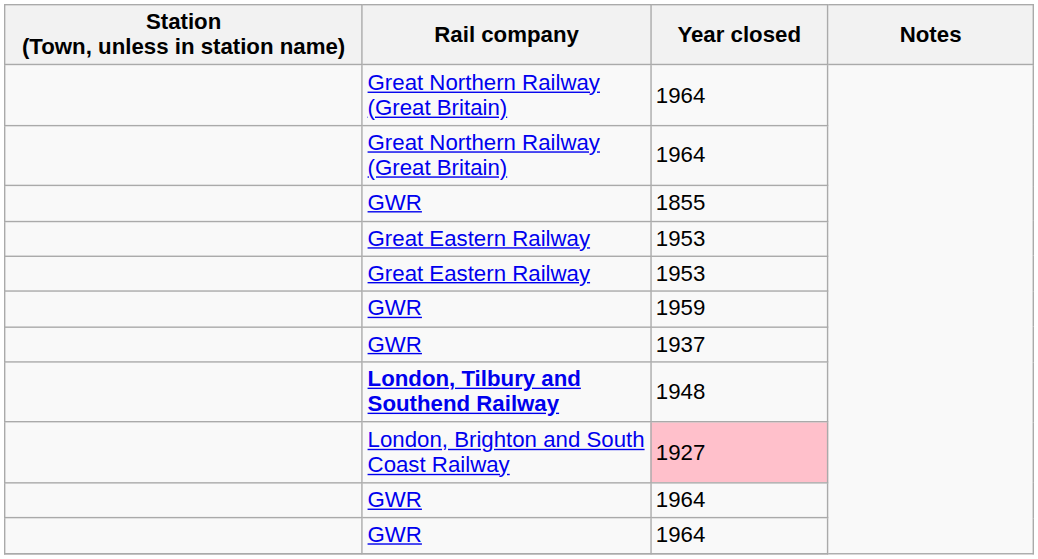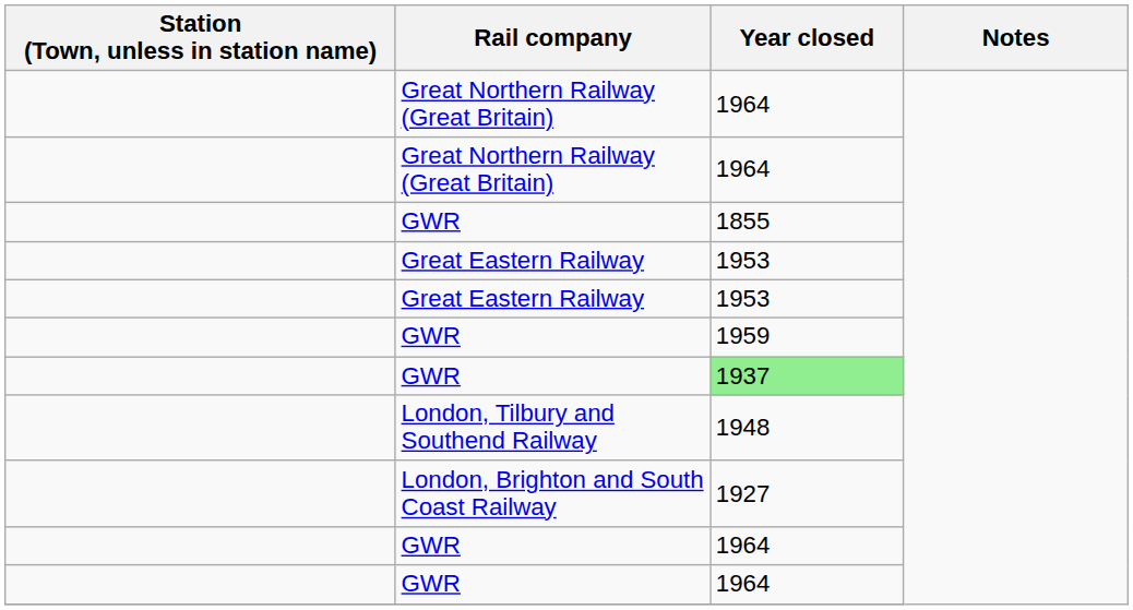 <table class="wikitable sortable">
 <tr>
 <th style="width:250px">Station<br>(Town, unless in station name)</th>
 <th style="width:200px">Rail company</th>
 <th style="width:120px">Year closed</th>
 <th style="width:20%">Notes</th>
 </tr>
 <tr>
 <td></td>
 <td><a href='#'>Great Northern Railway (Great Britain)</a></td>
 <td>1964</td>
 </tr>
 <tr>
 <td></td>
 <td><a href='#'>Great Northern Railway (Great Britain)</a></td>
 <td>1964</td>
 </tr>
 <tr>
 <td></td>
 <td><a href='#'>GWR</a></td>
 <td>1855</td>
 </tr>
 <tr>
 <td></td>
 <td><a href='#'>Great Eastern Railway</a></td>
 <td>1953</td>
 </tr>
 <tr>
 <td></td>
 <td><a href='#'>Great Eastern Railway</a></td>
 <td>1953</td>
 </tr>
 <tr>
 <td></td>
 <td><a href='#'>GWR</a></td>
 <td>1959</td>
 </tr>
 <tr>
 <td></td>
 <td><a href='#'>GWR</a></td>
-<td>1937</td>
+<td style="background: lightgreen;">1937</td>
 </tr>
 <tr>
 <td></td>
-<td><strong><a href='#'>London, Tilbury and Southend Railway</a></strong></td>
+<td><a href='#'>London, Tilbury and Southend Railway</a></td>
 <td>1948</td>
 </tr>
 <tr>
 <td></td>
 <td><a href='#'>London, Brighton and South Coast Railway</a></td>
-<td style="background: pink;">1927</td>
+<td>1927</td>
 </tr>
 <tr>
 <td></td>
 <td><a href='#'>GWR</a></td>
 <td>1964</td>
 </tr>
 <tr>
 <td></td>
 <td><a href='#'>GWR</a></td>
 <td>1964</td>
 </tr>
 <tr>
 </tr>
 </table>
